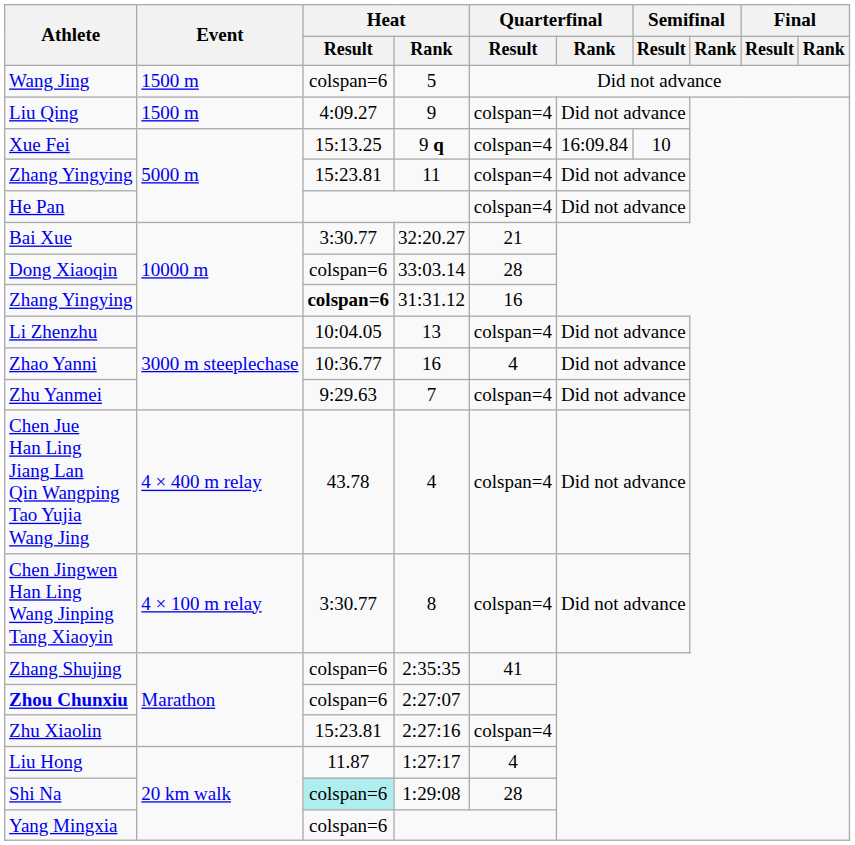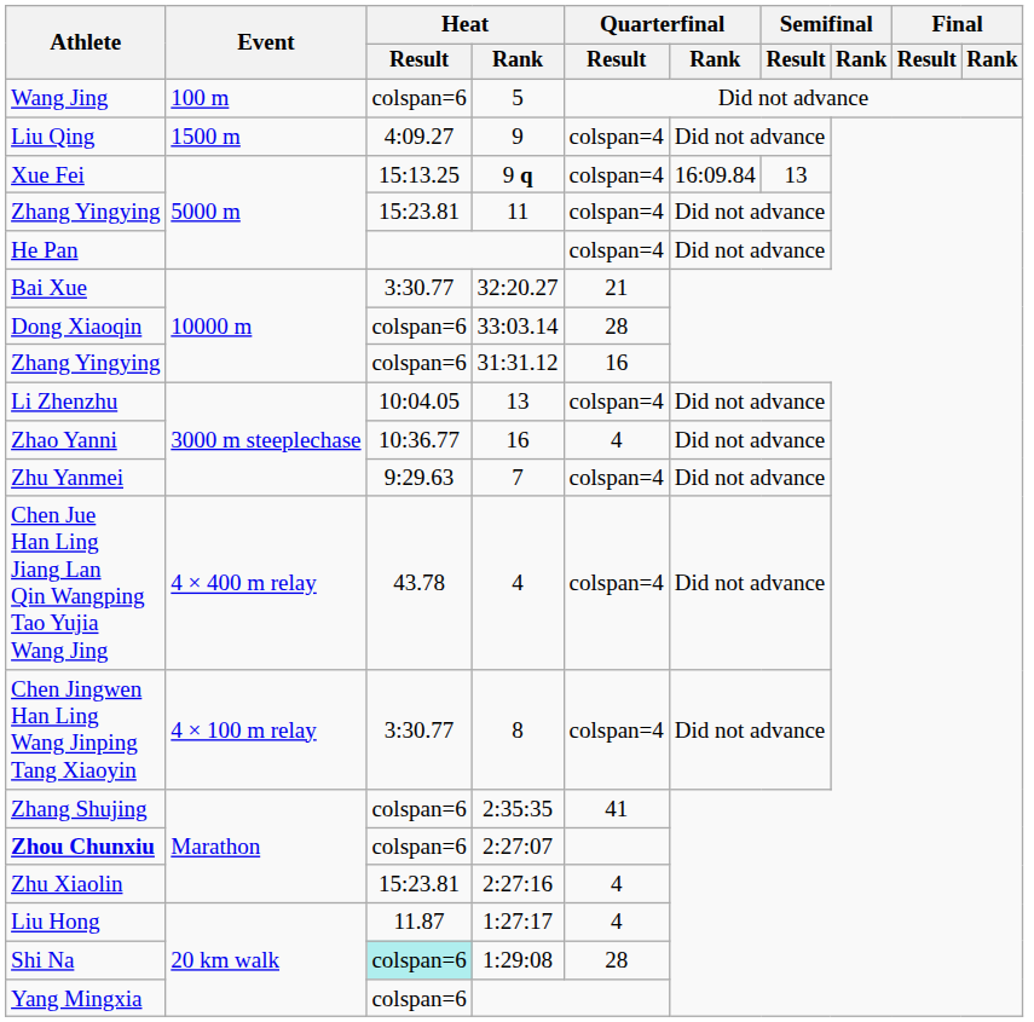 <table class=wikitable style="font-size:90%">
 <tr>
 <th rowspan="2">Athlete</th>
 <th rowspan="2">Event</th>
 <th colspan="2">Heat</th>
 <th colspan="2">Quarterfinal</th>
 <th colspan="2">Semifinal</th>
 <th colspan="2">Final</th>
 </tr>
 <tr style="font-size:95%">
 <th>Result</th>
 <th>Rank</th>
 <th>Result</th>
 <th>Rank</th>
 <th>Result</th>
 <th>Rank</th>
 <th>Result</th>
 <th>Rank</th>
 </tr>
 <tr align=center>
 <td align=left><a href='#'>Wang Jing</a></td>
-<td align=left><a href='#'>1500 m</a></td>
+<td align=left><a href='#'>100 m</a></td>
 <td>colspan=6 </td>
 <td>5</td>
 <td colspan=6>Did not advance</td>
 </tr>
 <tr align=center>
 <td align=left><a href='#'>Liu Qing</a></td>
 <td align=left><a href='#'>1500 m</a></td>
 <td>4:09.27</td>
 <td>9</td>
 <td>colspan=4 </td>
 <td colspan=2>Did not advance</td>
 </tr>
 <tr align=center>
 <td align=left><a href='#'>Xue Fei</a></td>
 <td align=left rowspan=3><a href='#'>5000 m</a></td>
 <td>15:13.25</td>
 <td>9 <strong>q</strong></td>
 <td>colspan=4 </td>
 <td>16:09.84</td>
-<td>10</td>
+<td>13</td>
 </tr>
 <tr align=center>
 <td align=left><a href='#'>Zhang Yingying</a></td>
 <td>15:23.81</td>
 <td>11</td>
 <td>colspan=4 </td>
 <td colspan=2>Did not advance</td>
 </tr>
 <tr align=center>
 <td align=left><a href='#'>He Pan</a></td>
 <td colspan=2></td>
 <td>colspan=4 </td>
 <td colspan=2>Did not advance</td>
 </tr>
 <tr align=center>
 <td align=left><a href='#'>Bai Xue</a></td>
 <td align=left rowspan=3><a href='#'>10000 m</a></td>
 <td>3:30.77</td>
 <td>32:20.27</td>
 <td>21</td>
 </tr>
 <tr align=center>
 <td align=left><a href='#'>Dong Xiaoqin</a></td>
 <td>colspan=6 </td>
 <td>33:03.14</td>
 <td>28</td>
 </tr>
 <tr align=center>
 <td align=left><a href='#'>Zhang Yingying</a></td>
-<td><strong>colspan=6 </strong></td>
+<td>colspan=6 </td>
 <td>31:31.12</td>
 <td>16</td>
 </tr>
 <tr align=center>
 <td align=left><a href='#'>Li Zhenzhu</a></td>
 <td align=left rowspan=3><a href='#'>3000 m steeplechase</a></td>
 <td>10:04.05</td>
 <td>13</td>
 <td>colspan=4 </td>
 <td colspan=2>Did not advance</td>
 </tr>
 <tr align=center>
 <td align=left><a href='#'>Zhao Yanni</a></td>
 <td>10:36.77</td>
 <td>16</td>
 <td>4</td>
 <td colspan=2>Did not advance</td>
 </tr>
 <tr align=center>
 <td align=left><a href='#'>Zhu Yanmei</a></td>
 <td>9:29.63</td>
 <td>7</td>
 <td>colspan=4 </td>
 <td colspan=2>Did not advance</td>
 </tr>
 <tr align=center>
 <td align=left><a href='#'>Chen Jue</a><br><a href='#'>Han Ling</a><br><a href='#'>Jiang Lan</a><br><a href='#'>Qin Wangping</a><br><a href='#'>Tao Yujia</a><br><a href='#'>Wang Jing</a></td>
 <td align=left><a href='#'>4 × 400 m relay</a></td>
 <td>43.78</td>
 <td>4</td>
 <td>colspan=4 </td>
 <td colspan=2>Did not advance</td>
 </tr>
 <tr align=center>
 <td align=left><a href='#'>Chen Jingwen</a><br><a href='#'>Han Ling</a><br><a href='#'>Wang Jinping</a><br><a href='#'>Tang Xiaoyin</a></td>
 <td align=left><a href='#'>4 × 100 m relay</a></td>
 <td>3:30.77</td>
 <td>8</td>
 <td>colspan=4 </td>
 <td colspan=2>Did not advance</td>
 </tr>
 <tr align=center>
 <td align=left><a href='#'>Zhang Shujing</a></td>
 <td align=left rowspan=3><a href='#'>Marathon</a></td>
 <td>colspan=6 </td>
 <td>2:35:35</td>
 <td>41</td>
 </tr>
 <tr align=center>
 <td align=left><strong><a href='#'>Zhou Chunxiu</a></strong></td>
 <td>colspan=6 </td>
 <td>2:27:07</td>
 <td></td>
 </tr>
 <tr align=center>
 <td align=left><a href='#'>Zhu Xiaolin</a></td>
 <td>15:23.81</td>
 <td>2:27:16</td>
-<td>colspan=4 </td>
+<td>4</td>
 </tr>
 <tr align=center>
 <td align=left><a href='#'>Liu Hong</a></td>
 <td align=left rowspan=3><a href='#'>20 km walk</a></td>
 <td>11.87</td>
 <td>1:27:17</td>
 <td>4</td>
 </tr>
 <tr align=center>
 <td align=left><a href='#'>Shi Na</a></td>
 <td style="background: paleturquoise;">colspan=6 </td>
 <td>1:29:08</td>
 <td>28</td>
 </tr>
 <tr align=center>
 <td align=left><a href='#'>Yang Mingxia</a></td>
 <td>colspan=6 </td>
 <td colspan=2></td>
 </tr>
 </table>
